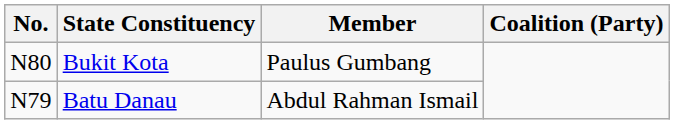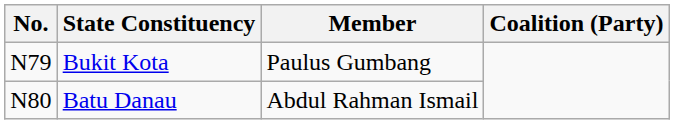 <table class="wikitable">
 <tr>
 <th>No.</th>
 <th>State Constituency</th>
 <th>Member</th>
 <th>Coalition (Party)</th>
 </tr>
 <tr>
-<td>N80</td>
+<td>N79</td>
 <td><a href='#'>Bukit Kota</a></td>
 <td>Paulus Gumbang</td>
 <td rowspan="2"></td>
 </tr>
 <tr>
-<td>N79</td>
+<td>N80</td>
 <td><a href='#'>Batu Danau</a></td>
 <td>Abdul Rahman Ismail</td>
 </tr>
 </table>
